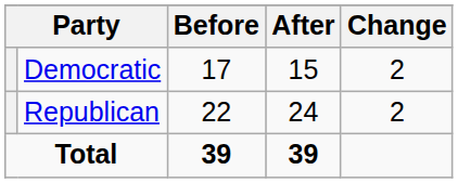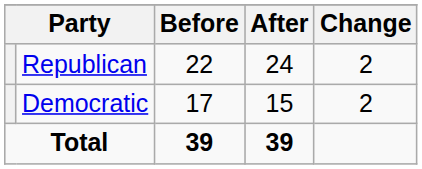 <table class="wikitable" style="text-align:center;">
 <tr>
 </tr>
 <tr>
 <th colspan=2>Party</th>
 <th>Before</th>
 <th>After</th>
 <th>Change</th>
 </tr>
 <tr>
 <th style="background-color:"></th>
-<td style="text-align:left;"><a href='#'>Democratic</a></td>
-<td>17</td>
-<td>15</td>
+<td style="text-align:left;"><a href='#'>Republican</a></td>
+<td>22</td>
+<td>24</td>
 <td> 2</td>
 </tr>
 <tr>
 <th style="background-color:"></th>
-<td style="text-align:left;"><a href='#'>Republican</a></td>
-<td>22</td>
-<td>24</td>
+<td style="text-align:left;"><a href='#'>Democratic</a></td>
+<td>17</td>
+<td>15</td>
 <td> 2</td>
 </tr>
 <tr>
 <td colspan=2><strong>Total</strong></td>
 <td><strong>39</strong></td>
 <td><strong>39</strong></td>
 </tr>
 </table>
